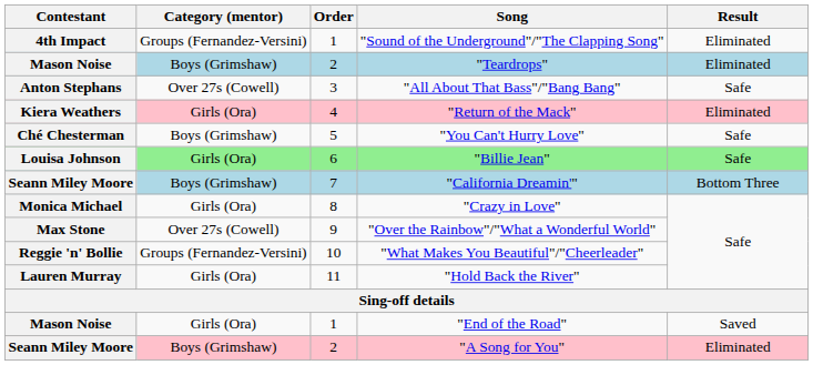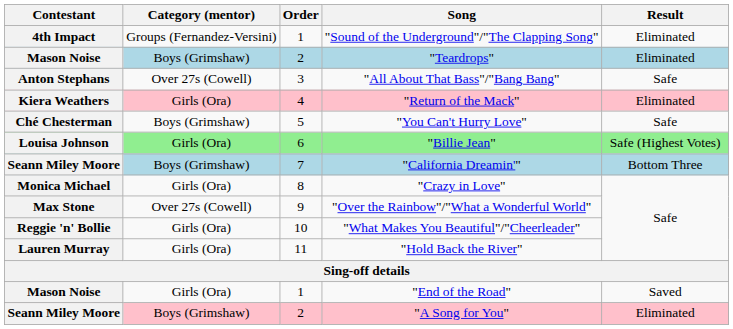 <table class="wikitable plainrowheaders" style="text-align:center;">
 <tr>
 <th scope="col">Contestant</th>
 <th scope="col">Category (mentor)</th>
 <th scope="col">Order</th>
 <th scope="col">Song</th>
 <th scope="col" style="width:9em;">Result</th>
 </tr>
 <tr>
 <th scope="row">4th Impact</th>
 <td>Groups (Fernandez-Versini)</td>
 <td>1</td>
 <td>"<a href='#'>Sound of the Underground</a>"/"<a href='#'>The Clapping Song</a>"</td>
 <td>Eliminated</td>
 </tr>
 <tr style="background:lightblue;">
 <th scope="row">Mason Noise</th>
 <td>Boys (Grimshaw)</td>
 <td>2</td>
 <td>"<a href='#'>Teardrops</a>"</td>
 <td>Eliminated</td>
 </tr>
 <tr>
 <th scope="row">Anton Stephans</th>
 <td>Over 27s (Cowell)</td>
 <td>3</td>
 <td>"<a href='#'>All About That Bass</a>"/"<a href='#'>Bang Bang</a>"</td>
 <td>Safe</td>
 </tr>
 <tr style="background:pink;">
 <th scope="row">Kiera Weathers</th>
 <td>Girls (Ora)</td>
 <td>4</td>
 <td>"<a href='#'>Return of the Mack</a>"</td>
 <td>Eliminated</td>
 </tr>
 <tr>
 <th scope="row">Ché Chesterman</th>
 <td>Boys (Grimshaw)</td>
 <td>5</td>
 <td>"<a href='#'>You Can't Hurry Love</a>"</td>
 <td>Safe</td>
 </tr>
 <tr style="background:lightgreen;">
 <th scope="row">Louisa Johnson</th>
 <td>Girls (Ora)</td>
 <td>6</td>
 <td>"<a href='#'>Billie Jean</a>"</td>
-<td>Safe</td>
+<td>Safe (Highest Votes)</td>
 </tr>
 <tr style="background:lightblue;">
 <th scope="row">Seann Miley Moore</th>
 <td>Boys (Grimshaw)</td>
 <td>7</td>
 <td>"<a href='#'>California Dreamin'</a>"</td>
 <td>Bottom Three</td>
 </tr>
 <tr>
 <th scope="row">Monica Michael</th>
 <td>Girls (Ora)</td>
 <td>8</td>
 <td>"<a href='#'>Crazy in Love</a>"</td>
 <td rowspan=4>Safe</td>
 </tr>
 <tr>
 <th scope="row">Max Stone</th>
 <td>Over 27s (Cowell)</td>
 <td>9</td>
 <td>"<a href='#'>Over the Rainbow</a>"/"<a href='#'>What a Wonderful World</a>"</td>
 </tr>
 <tr>
 <th scope="row">Reggie 'n' Bollie</th>
-<td>Groups (Fernandez-Versini)</td>
+<td>Girls (Ora)</td>
 <td>10</td>
 <td>"<a href='#'>What Makes You Beautiful</a>"/"<a href='#'>Cheerleader</a>"</td>
 </tr>
 <tr>
 <th scope="row">Lauren Murray</th>
 <td>Girls (Ora)</td>
 <td>11</td>
 <td>"<a href='#'>Hold Back the River</a>"</td>
 </tr>
 <tr>
 <th colspan="5">Sing-off details</th>
 </tr>
 <tr>
 <th scope="row">Mason Noise</th>
 <td>Girls (Ora)</td>
 <td>1</td>
 <td>"<a href='#'>End of the Road</a>"</td>
 <td>Saved</td>
 </tr>
 <tr style="background:pink;">
 <th scope="row">Seann Miley Moore</th>
 <td>Boys (Grimshaw)</td>
 <td>2</td>
 <td>"<a href='#'>A Song for You</a>"</td>
 <td>Eliminated</td>
 </tr>
 </table>
